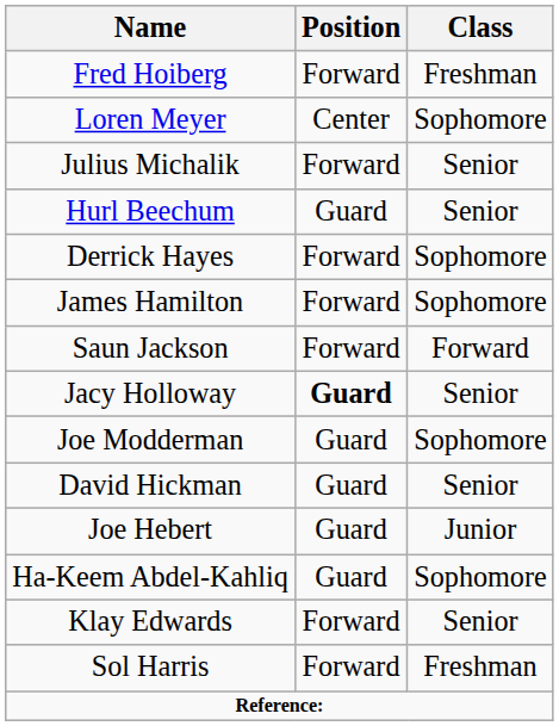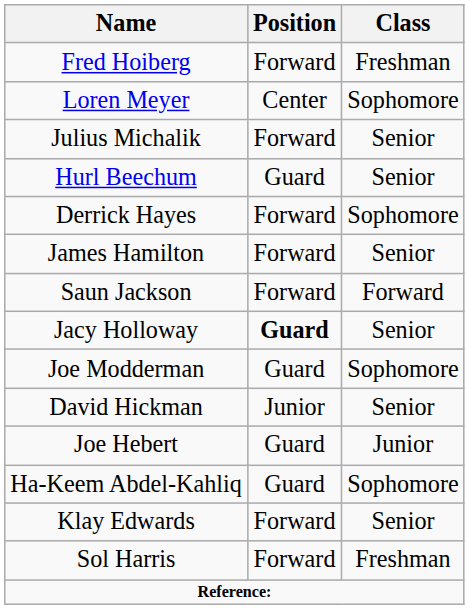 <table class="wikitable" style="text-align: center">
 <tr align=center>
 <th>Name</th>
 <th>Position</th>
 <th>Class</th>
 </tr>
 <tr>
 <td><a href='#'>Fred Hoiberg</a></td>
 <td>Forward</td>
 <td>Freshman</td>
 </tr>
 <tr>
 <td><a href='#'>Loren Meyer</a></td>
 <td>Center</td>
 <td>Sophomore</td>
 </tr>
 <tr>
 <td>Julius Michalik</td>
 <td>Forward</td>
 <td>Senior</td>
 </tr>
 <tr>
 <td><a href='#'>Hurl Beechum</a></td>
 <td>Guard</td>
 <td>Senior</td>
 </tr>
 <tr>
 <td>Derrick Hayes</td>
 <td>Forward</td>
 <td>Sophomore</td>
 </tr>
 <tr>
 <td>James Hamilton</td>
 <td>Forward</td>
-<td>Sophomore</td>
+<td>Senior</td>
 </tr>
 <tr>
 <td>Saun Jackson</td>
 <td>Forward</td>
 <td>Forward</td>
 </tr>
 <tr>
 <td>Jacy Holloway</td>
 <td><strong>Guard</strong></td>
 <td>Senior</td>
 </tr>
 <tr>
 <td>Joe Modderman</td>
 <td>Guard</td>
 <td>Sophomore</td>
 </tr>
 <tr>
 <td>David Hickman</td>
-<td>Guard</td>
+<td>Junior</td>
 <td>Senior</td>
 </tr>
 <tr>
 <td>Joe Hebert</td>
 <td>Guard</td>
 <td>Junior</td>
 </tr>
 <tr>
 <td>Ha-Keem Abdel-Kahliq</td>
 <td>Guard</td>
 <td>Sophomore</td>
 </tr>
 <tr>
 <td>Klay Edwards</td>
 <td>Forward</td>
 <td>Senior</td>
 </tr>
 <tr>
 <td>Sol Harris</td>
 <td>Forward</td>
 <td>Freshman</td>
 </tr>
 <tr>
 <td colspan="6"  style="font-size:8pt; text-align:center;"><strong>Reference:</strong></td>
 </tr>
 </table>
